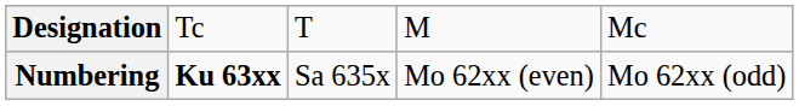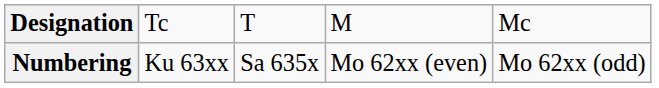 <table class="wikitable">
 <tr>
 <th>Designation</th>
 <td>Tc</td>
 <td>T</td>
 <td>M</td>
 <td>Mc</td>
 </tr>
 <tr>
 <th>Numbering</th>
-<td><strong>Ku 63xx</strong></td>
+<td>Ku 63xx</td>
 <td>Sa 635x</td>
 <td>Mo 62xx (even)</td>
 <td>Mo 62xx (odd)</td>
 </tr>
 </table>
